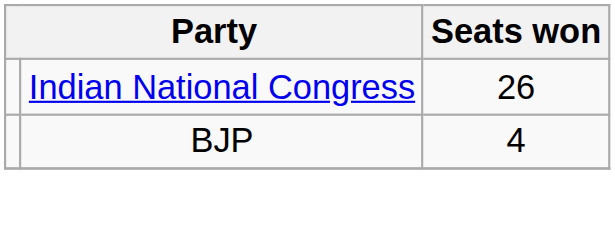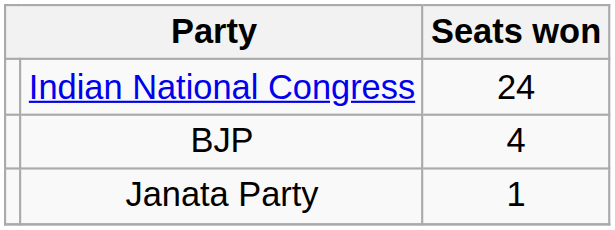 <table class="wikitable" style="text-align:center">
 <tr>
 <th colspan=2>Party</th>
 <th>Seats won</th>
 </tr>
 <tr>
 <td></td>
 <td><a href='#'>Indian National Congress</a></td>
-<td>26</td>
+<td>24</td>
 </tr>
 <tr>
 <td></td>
 <td>BJP</td>
 <td>4</td>
 </tr>
 <tr>
+<td></td>
+<td>Janata Party</td>
+<td>1</td>
+</tr>
+<tr>
 </tr>
 </table>
